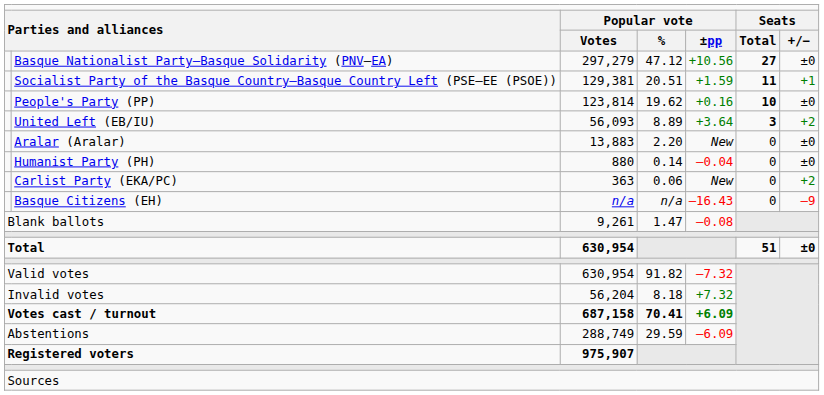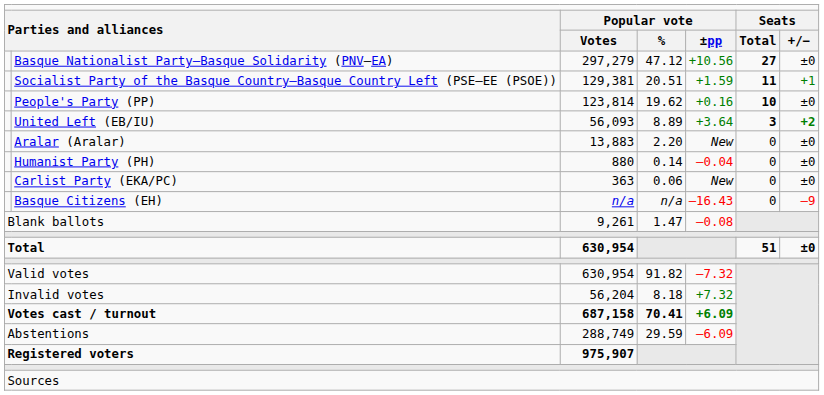 <table class="wikitable" style="text-align:right;">
 <tr>
 <td colspan="7"></td>
 </tr>
 <tr>
 <th style="text-align:left;" rowspan="2" colspan="2" width="525">Parties and alliances</th>
 <th colspan="3">Popular vote</th>
 <th colspan="2">Seats</th>
 </tr>
 <tr>
 <th width="75">Votes</th>
 <th width="45">%</th>
 <th width="45">±<a href='#'>pp</a></th>
 <th width="35">Total</th>
 <th width="35">+/−</th>
 </tr>
 <tr>
 <td width="1" style="color:inherit;background:"></td>
 <td align="left"><a href='#'>Basque Nationalist Party–Basque Solidarity</a> (<a href='#'>PNV</a>–<a href='#'>EA</a>)</td>
 <td>297,279</td>
 <td>47.12</td>
 <td style="color:green;">+10.56</td>
 <td><strong>27</strong></td>
 <td>±0</td>
 </tr>
 <tr>
 <td style="color:inherit;background:"></td>
 <td align="left"><a href='#'>Socialist Party of the Basque Country–Basque Country Left</a> (PSE–EE (PSOE))</td>
 <td>129,381</td>
 <td>20.51</td>
 <td style="color:green;">+1.59</td>
 <td><strong>11</strong></td>
 <td style="color:green;">+1</td>
 </tr>
 <tr>
 <td style="color:inherit;background:"></td>
 <td align="left"><a href='#'>People's Party</a> (PP)</td>
 <td>123,814</td>
 <td>19.62</td>
 <td style="color:green;">+0.16</td>
 <td><strong>10</strong></td>
 <td>±0</td>
 </tr>
 <tr>
 <td style="color:inherit;background:"></td>
 <td align="left"><a href='#'>United Left</a> (EB/IU)</td>
 <td>56,093</td>
 <td>8.89</td>
 <td style="color:green;">+3.64</td>
 <td><strong>3</strong></td>
-<td style="color:green;">+2</td>
+<td style="color:green;"><strong>+2</strong></td>
 </tr>
 <tr>
 <td style="color:inherit;background:"></td>
 <td align="left"><a href='#'>Aralar</a> (Aralar)</td>
 <td>13,883</td>
 <td>2.20</td>
 <td><em>New</em></td>
 <td>0</td>
 <td>±0</td>
 </tr>
 <tr>
 <td style="color:inherit;background:"></td>
 <td align="left"><a href='#'>Humanist Party</a> (PH)</td>
 <td>880</td>
 <td>0.14</td>
 <td style="color:red;">–0.04</td>
 <td>0</td>
 <td>±0</td>
 </tr>
 <tr>
 <td style="color:inherit;background:"></td>
 <td align="left"><a href='#'>Carlist Party</a> (EKA/PC)</td>
 <td>363</td>
 <td>0.06</td>
 <td><em>New</em></td>
 <td>0</td>
-<td style="color:green;">+2</td>
+<td>±0</td>
 </tr>
 <tr>
 <td style="color:inherit;background:"></td>
 <td align="left"><a href='#'>Basque Citizens</a> (EH)</td>
 <td><em><a href='#'>n/a</a></em></td>
 <td><em>n/a</em></td>
 <td style="color:red;">–16.43</td>
 <td>0</td>
 <td style="color:red;">–9</td>
 </tr>
 <tr>
 <td align="left" colspan="2">Blank ballots</td>
 <td>9,261</td>
 <td>1.47</td>
 <td style="color:red;">–0.08</td>
 <td bgcolor="#E9E9E9" colspan="2"></td>
 </tr>
 <tr>
 <td colspan="7" bgcolor="#E9E9E9"></td>
 </tr>
 <tr style="font-weight:bold;">
 <td align="left" colspan="2">Total</td>
 <td>630,954</td>
 <td bgcolor="#E9E9E9" colspan="2"></td>
 <td>51</td>
 <td>±0</td>
 </tr>
 <tr>
 <td colspan="7" bgcolor="#E9E9E9"></td>
 </tr>
 <tr>
 <td align="left" colspan="2">Valid votes</td>
 <td>630,954</td>
 <td>91.82</td>
 <td style="color:red;">–7.32</td>
 <td bgcolor="#E9E9E9" colspan="2" rowspan="5"></td>
 </tr>
 <tr>
 <td align="left" colspan="2">Invalid votes</td>
 <td>56,204</td>
 <td>8.18</td>
 <td style="color:green;">+7.32</td>
 </tr>
 <tr style="font-weight:bold;">
 <td align="left" colspan="2">Votes cast / turnout</td>
 <td>687,158</td>
 <td>70.41</td>
 <td style="color:green;">+6.09</td>
 </tr>
 <tr>
 <td align="left" colspan="2">Abstentions</td>
 <td>288,749</td>
 <td>29.59</td>
 <td style="color:red;">–6.09</td>
 </tr>
 <tr style="font-weight:bold;">
 <td align="left" colspan="2">Registered voters</td>
 <td>975,907</td>
 <td bgcolor="#E9E9E9" colspan="2"></td>
 </tr>
 <tr>
 <td colspan="7" bgcolor="#E9E9E9"></td>
 </tr>
 <tr>
 <td align="left" colspan="7">Sources</td>
 </tr>
 </table>
